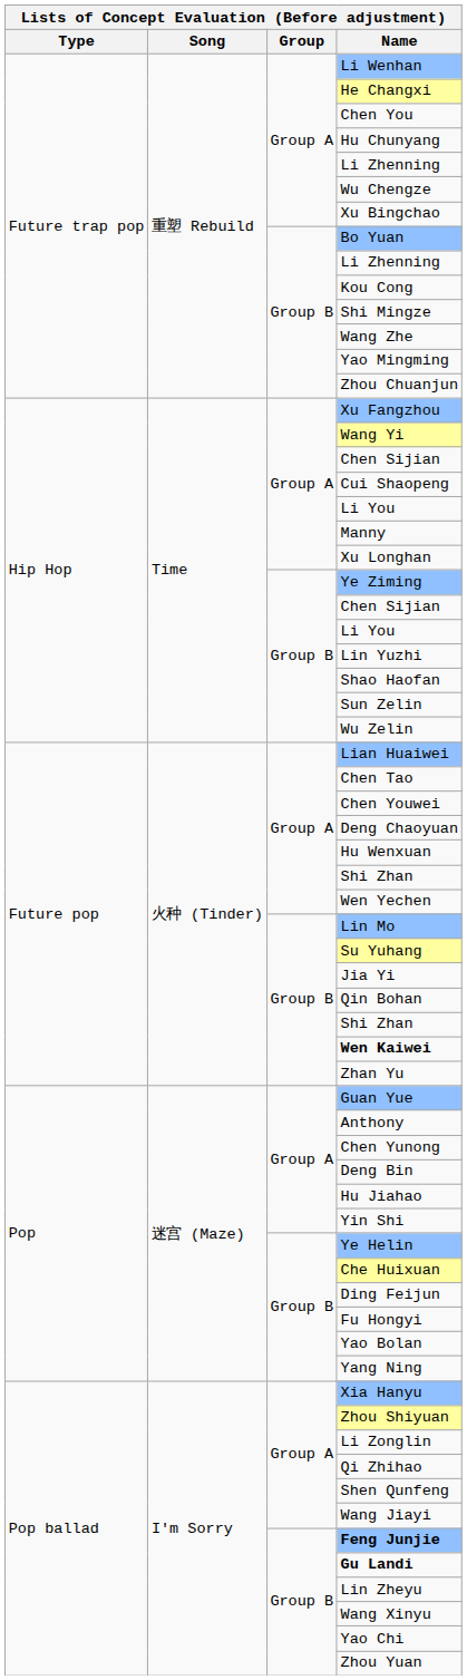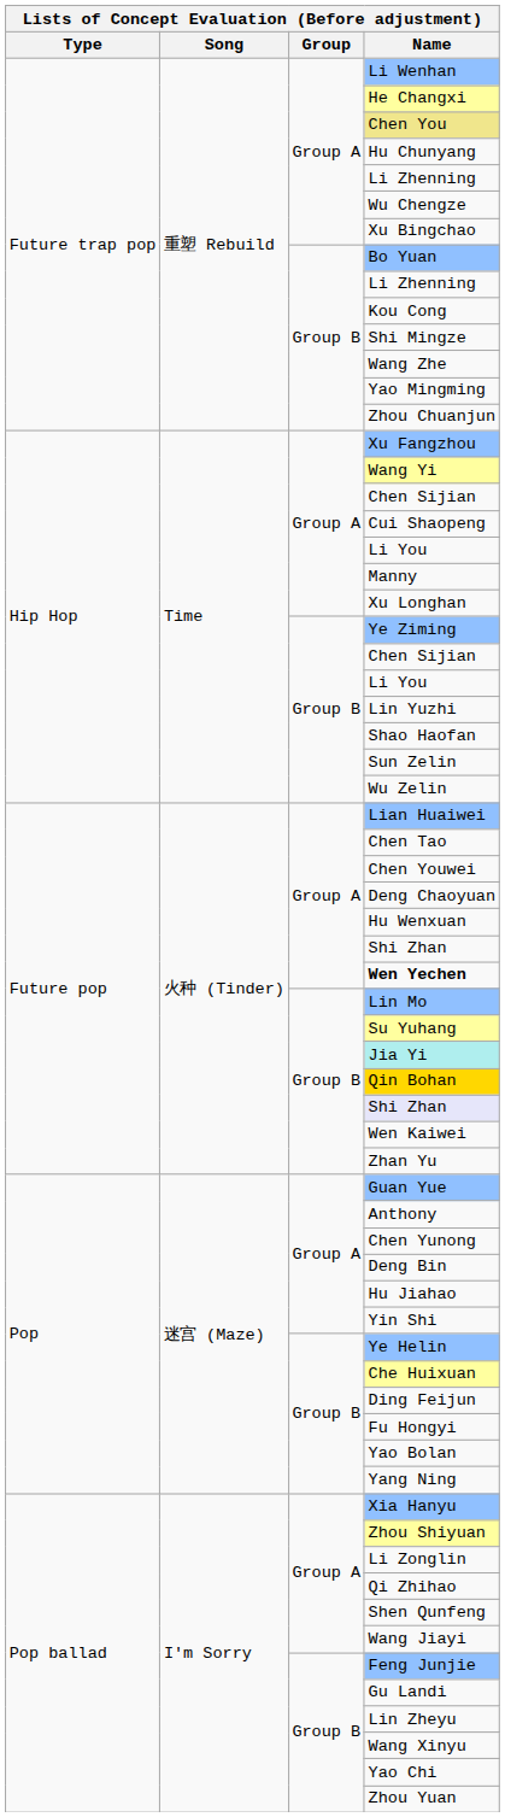 <table class="wikitable">
 <tr>
 <th colspan="4">Lists of Concept Evaluation (Before adjustment)</th>
 </tr>
 <tr>
 <th>Type</th>
 <th>Song</th>
 <th>Group</th>
 <th>Name</th>
 </tr>
 <tr>
 <td rowspan="14">Future trap pop</td>
 <td rowspan="14">重塑 Rebuild</td>
 <td rowspan="7">Group A</td>
 <td style=background:#90C0FF>Li Wenhan</td>
 </tr>
 <tr>
 <td style=background:#FFFF9F>He Changxi</td>
 </tr>
 <tr>
-<td>Chen You</td>
+<td style="background: khaki;">Chen You</td>
 </tr>
 <tr>
 <td>Hu Chunyang</td>
 </tr>
 <tr>
 <td>Li Zhenning</td>
 </tr>
 <tr>
 <td>Wu Chengze</td>
 </tr>
 <tr>
 <td>Xu Bingchao</td>
 </tr>
 <tr>
 <td rowspan="7">Group B</td>
 <td style=background:#90C0FF>Bo Yuan</td>
 </tr>
 <tr>
 <td>Li Zhenning</td>
 </tr>
 <tr>
 <td>Kou Cong</td>
 </tr>
 <tr>
 <td>Shi Mingze</td>
 </tr>
 <tr>
 <td>Wang Zhe</td>
 </tr>
 <tr>
 <td>Yao Mingming</td>
 </tr>
 <tr>
 <td>Zhou Chuanjun</td>
 </tr>
 <tr>
 <td rowspan="14">Hip Hop</td>
 <td rowspan="14">Time</td>
 <td rowspan="7">Group A</td>
 <td style=background:#90C0FF>Xu Fangzhou</td>
 </tr>
 <tr>
 <td style=background:#FFFF9F>Wang Yi</td>
 </tr>
 <tr>
 <td>Chen Sijian</td>
 </tr>
 <tr>
 <td>Cui Shaopeng</td>
 </tr>
 <tr>
 <td>Li You</td>
 </tr>
 <tr>
 <td>Manny</td>
 </tr>
 <tr>
 <td>Xu Longhan</td>
 </tr>
 <tr>
 <td rowspan="7">Group B</td>
 <td style=background:#90C0FF>Ye Ziming</td>
 </tr>
 <tr>
 <td>Chen Sijian</td>
 </tr>
 <tr>
 <td>Li You</td>
 </tr>
 <tr>
 <td>Lin Yuzhi</td>
 </tr>
 <tr>
 <td>Shao Haofan</td>
 </tr>
 <tr>
 <td>Sun Zelin</td>
 </tr>
 <tr>
 <td>Wu Zelin</td>
 </tr>
 <tr>
 <td rowspan="14">Future pop</td>
 <td rowspan="14">火种 (Tinder)</td>
 <td rowspan="7">Group A</td>
 <td style=background:#90C0FF>Lian Huaiwei</td>
 </tr>
 <tr>
 <td>Chen Tao</td>
 </tr>
 <tr>
 <td>Chen Youwei</td>
 </tr>
 <tr>
 <td>Deng Chaoyuan</td>
 </tr>
 <tr>
 <td>Hu Wenxuan</td>
 </tr>
 <tr>
 <td>Shi Zhan</td>
 </tr>
 <tr>
-<td>Wen Yechen</td>
+<td><strong>Wen Yechen</strong></td>
 </tr>
 <tr>
 <td rowspan="7">Group B</td>
 <td style=background:#90C0FF>Lin Mo</td>
 </tr>
 <tr>
 <td style=background:#FFFF9F>Su Yuhang</td>
 </tr>
 <tr>
-<td>Jia Yi</td>
+<td style="background: paleturquoise;">Jia Yi</td>
 </tr>
 <tr>
-<td>Qin Bohan</td>
+<td style="background: gold;">Qin Bohan</td>
 </tr>
 <tr>
-<td>Shi Zhan</td>
+<td style="background: lavender;">Shi Zhan</td>
 </tr>
 <tr>
-<td><strong>Wen Kaiwei</strong></td>
+<td>Wen Kaiwei</td>
 </tr>
 <tr>
 <td>Zhan Yu</td>
 </tr>
 <tr>
 <td rowspan="12">Pop</td>
 <td rowspan="12">迷宫 (Maze)</td>
 <td rowspan="6">Group A</td>
 <td style=background:#90C0FF>Guan Yue</td>
 </tr>
 <tr>
 <td>Anthony</td>
 </tr>
 <tr>
 <td>Chen Yunong</td>
 </tr>
 <tr>
 <td>Deng Bin</td>
 </tr>
 <tr>
 <td>Hu Jiahao</td>
 </tr>
 <tr>
 <td>Yin Shi</td>
 </tr>
 <tr>
 <td rowspan="6">Group B</td>
 <td style=background:#90C0FF>Ye Helin</td>
 </tr>
 <tr>
 <td style=background:#FFFF9F>Che Huixuan</td>
 </tr>
 <tr>
 <td>Ding Feijun</td>
 </tr>
 <tr>
 <td>Fu Hongyi</td>
 </tr>
 <tr>
 <td>Yao Bolan</td>
 </tr>
 <tr>
 <td>Yang Ning</td>
 </tr>
 <tr>
 <td rowspan="12">Pop ballad</td>
 <td rowspan="12">I'm Sorry</td>
 <td rowspan="6">Group A</td>
 <td style=background:#90C0FF>Xia Hanyu</td>
 </tr>
 <tr>
 <td style=background:#FFFF9F>Zhou Shiyuan</td>
 </tr>
 <tr>
 <td>Li Zonglin</td>
 </tr>
 <tr>
 <td>Qi Zhihao</td>
 </tr>
 <tr>
 <td>Shen Qunfeng</td>
 </tr>
 <tr>
 <td>Wang Jiayi</td>
 </tr>
 <tr>
 <td rowspan="6">Group B</td>
-<td style=background:#90C0FF><strong>Feng Junjie</strong></td>
+<td style=background:#90C0FF>Feng Junjie</td>
 </tr>
 <tr>
-<td><strong>Gu Landi</strong></td>
+<td>Gu Landi</td>
 </tr>
 <tr>
 <td>Lin Zheyu</td>
 </tr>
 <tr>
 <td>Wang Xinyu</td>
 </tr>
 <tr>
 <td>Yao Chi</td>
 </tr>
 <tr>
 <td>Zhou Yuan</td>
 </tr>
 </table>
